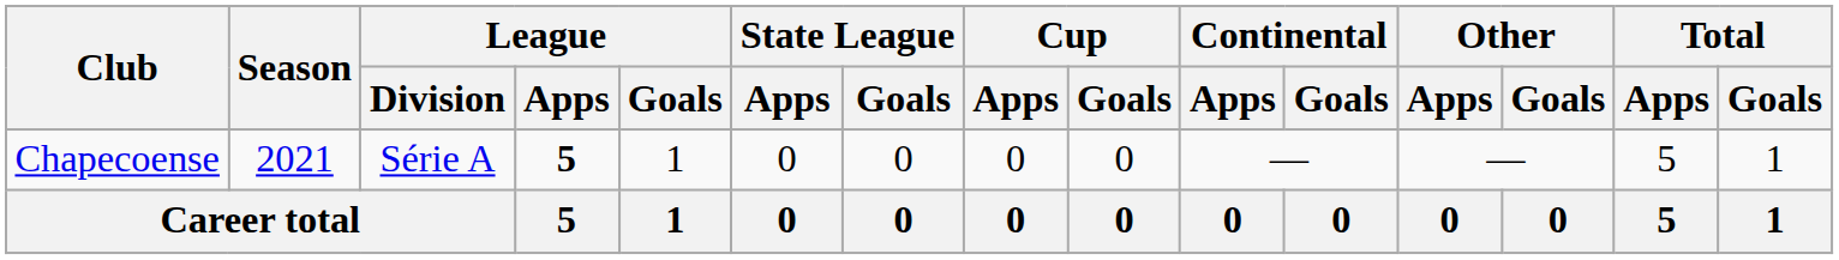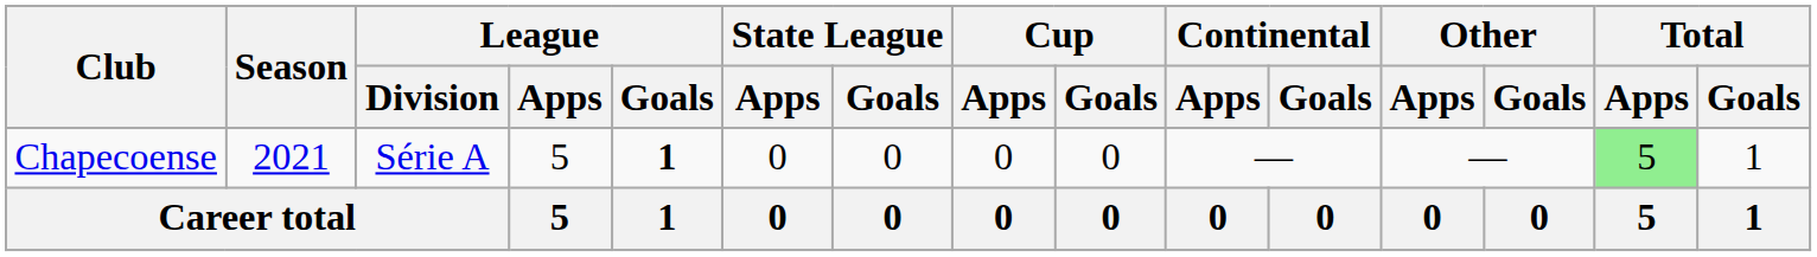 <table class="wikitable" style="text-align: center">
 <tr>
 <th rowspan="2">Club</th>
 <th rowspan="2">Season</th>
 <th colspan="3">League</th>
 <th colspan="2">State League</th>
 <th colspan="2">Cup</th>
 <th colspan="2">Continental</th>
 <th colspan="2">Other</th>
 <th colspan="2">Total</th>
 </tr>
 <tr>
 <th>Division</th>
 <th>Apps</th>
 <th>Goals</th>
 <th>Apps</th>
 <th>Goals</th>
 <th>Apps</th>
 <th>Goals</th>
 <th>Apps</th>
 <th>Goals</th>
 <th>Apps</th>
 <th>Goals</th>
 <th>Apps</th>
 <th>Goals</th>
 </tr>
 <tr>
 <td><a href='#'>Chapecoense</a></td>
 <td><a href='#'>2021</a></td>
 <td><a href='#'>Série A</a></td>
-<td><strong>5</strong></td>
-<td>1</td>
+<td>5</td>
+<td><strong>1</strong></td>
 <td>0</td>
 <td>0</td>
 <td>0</td>
 <td>0</td>
 <td colspan="2">—</td>
 <td colspan="2">—</td>
-<td>5</td>
+<td style="background: lightgreen;">5</td>
 <td>1</td>
 </tr>
 <tr>
 <th colspan="3"><strong>Career total</strong></th>
 <th>5</th>
 <th>1</th>
 <th>0</th>
 <th>0</th>
 <th>0</th>
 <th>0</th>
 <th>0</th>
 <th>0</th>
 <th>0</th>
 <th>0</th>
 <th>5</th>
 <th>1</th>
 </tr>
 </table>
